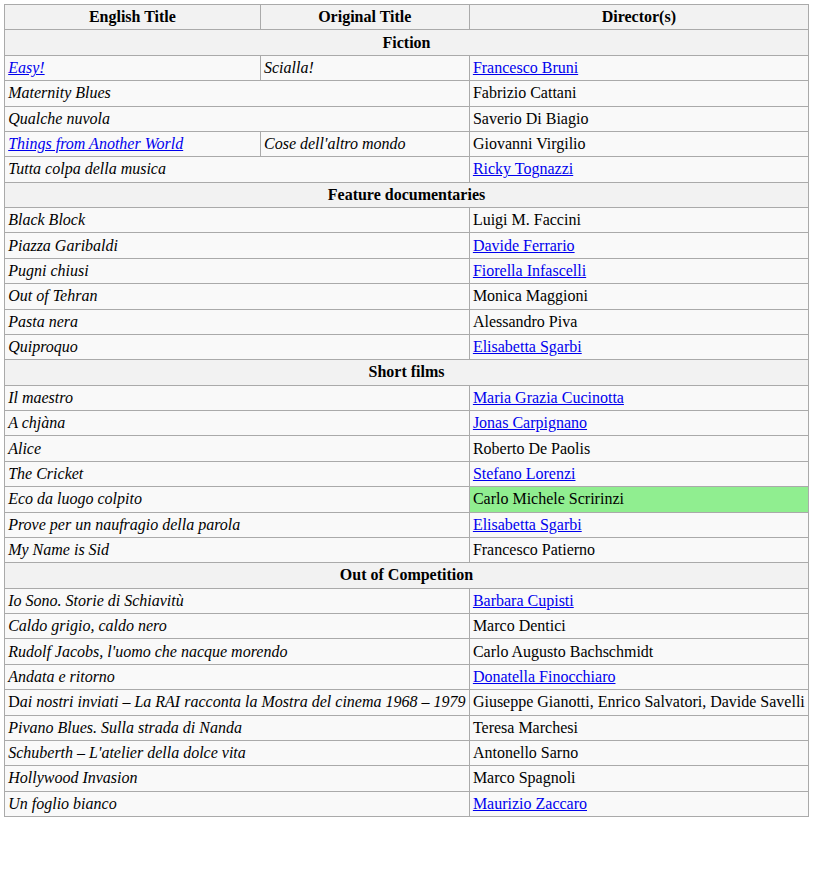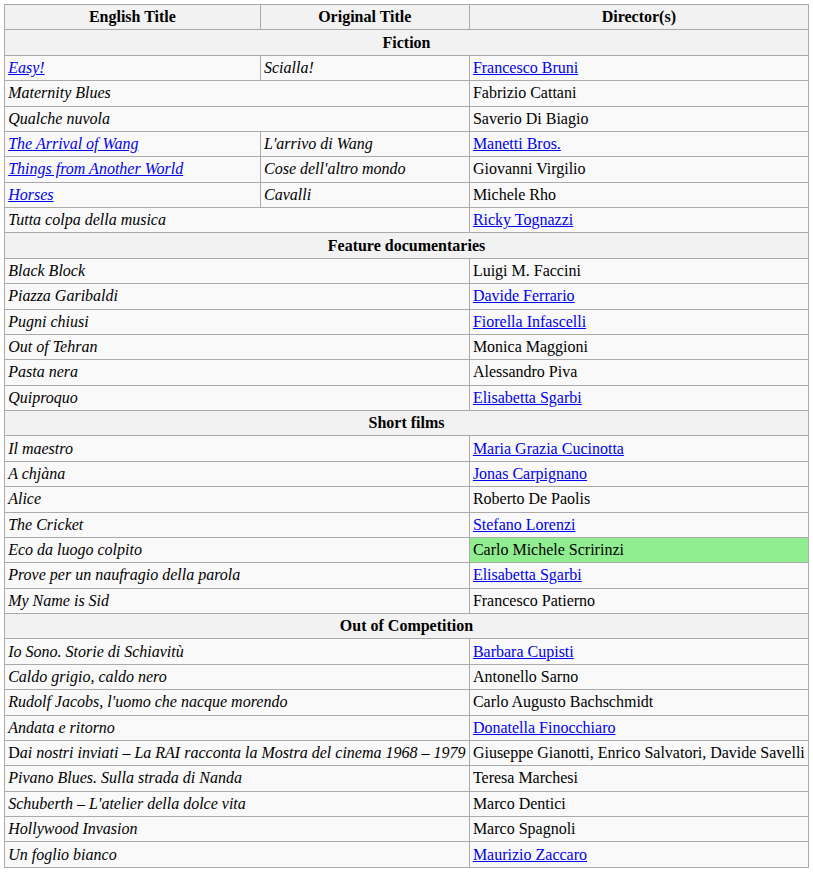 <table class="wikitable" style="display:inline-block; margin-right:3%; margin-top:0px; margin-bottom:0px; border:none">
 <tr>
 <th>English Title</th>
 <th>Original Title</th>
 <th>Director(s)</th>
 </tr>
 <tr>
 <th colspan="3">Fiction</th>
 </tr>
 <tr>
 <td><em><a href='#'>Easy!</a></em></td>
 <td><em>Scialla!</em></td>
 <td><a href='#'>Francesco Bruni</a></td>
 </tr>
 <tr>
 <td colspan="2"><em>Maternity Blues</em></td>
 <td>Fabrizio Cattani</td>
 </tr>
 <tr>
 <td colspan="2"><em>Qualche nuvola</em></td>
 <td>Saverio Di Biagio</td>
 </tr>
 <tr>
+<td><em><a href='#'>The Arrival of Wang</a></em></td>
+<td><em>L'arrivo di Wang</em></td>
+<td><a href='#'>Manetti Bros.</a></td>
+</tr>
+<tr>
 <td><em><a href='#'>Things from Another World</a></em></td>
 <td><em>Cose dell'altro mondo</em></td>
 <td>Giovanni Virgilio</td>
+</tr>
+<tr>
+<td><em><a href='#'>Horses</a></em></td>
+<td><em>Cavalli</em></td>
+<td>Michele Rho</td>
 </tr>
 <tr>
 <td colspan="2"><em>Tutta colpa della musica</em></td>
 <td><a href='#'>Ricky Tognazzi</a></td>
 </tr>
 <tr>
 <th colspan="3">Feature documentaries</th>
 </tr>
 <tr>
 <td colspan="2"><em>Black Block</em></td>
 <td>Luigi M. Faccini</td>
 </tr>
 <tr>
 <td colspan="2"><em>Piazza Garibaldi</em></td>
 <td><a href='#'>Davide Ferrario</a></td>
 </tr>
 <tr>
 <td colspan="2"><em>Pugni chiusi</em></td>
 <td><a href='#'>Fiorella Infascelli</a></td>
 </tr>
 <tr>
 <td colspan="2"><em>Out of Tehran</em></td>
 <td>Monica Maggioni</td>
 </tr>
 <tr>
 <td colspan="2"><em>Pasta nera</em></td>
 <td>Alessandro Piva</td>
 </tr>
 <tr>
 <td colspan="2"><em>Quiproquo</em></td>
 <td><a href='#'>Elisabetta Sgarbi</a></td>
 </tr>
 <tr>
 <th colspan="3">Short films</th>
 </tr>
 <tr>
 <td colspan="2"><em>Il maestro</em></td>
 <td><a href='#'>Maria Grazia Cucinotta</a> </td>
 </tr>
 <tr>
 <td colspan="2"><em>A chjàna</em></td>
 <td><a href='#'>Jonas Carpignano</a></td>
 </tr>
 <tr>
 <td colspan="2"><em>Alice</em></td>
 <td>Roberto De Paolis</td>
 </tr>
 <tr>
 <td colspan="2"><em>The Cricket</em></td>
 <td><a href='#'>Stefano Lorenzi</a></td>
 </tr>
 <tr>
 <td colspan="2"><em>Eco da luogo colpito</em></td>
 <td style="background: lightgreen;">Carlo Michele Scririnzi</td>
 </tr>
 <tr>
 <td colspan="2"><em>Prove per un naufragio della parola</em></td>
 <td><a href='#'>Elisabetta Sgarbi</a></td>
 </tr>
 <tr>
 <td colspan="2"><em>My Name is Sid</em></td>
 <td>Francesco Patierno</td>
 </tr>
 <tr>
 <th colspan="3">Out of Competition</th>
 </tr>
 <tr>
 <td colspan="2"><em>Io Sono. Storie di Schiavitù</em></td>
 <td><a href='#'>Barbara Cupisti</a></td>
 </tr>
 <tr>
 <td colspan="2"><em>Caldo grigio, caldo nero</em></td>
-<td>Marco Dentici</td>
+<td>Antonello Sarno</td>
 </tr>
 <tr>
 <td colspan="2"><em>Rudolf Jacobs, l'uomo che nacque morendo</em></td>
 <td>Carlo Augusto Bachschmidt</td>
 </tr>
 <tr>
 <td colspan="2"><em>Andata e ritorno</em></td>
 <td><a href='#'>Donatella Finocchiaro</a></td>
 </tr>
 <tr>
 <td colspan="2">D<em>ai nostri inviati – La RAI racconta la Mostra del cinema 1968 – 1979</em></td>
 <td>Giuseppe Gianotti, Enrico Salvatori, Davide Savelli</td>
 </tr>
 <tr>
 <td colspan="2"><em>Pivano Blues. Sulla strada di Nanda</em></td>
 <td>Teresa Marchesi</td>
 </tr>
 <tr>
 <td colspan="2"><em>Schuberth – L'atelier della dolce vita</em></td>
-<td>Antonello Sarno</td>
+<td>Marco Dentici</td>
 </tr>
 <tr>
 <td colspan="2"><em>Hollywood Invasion</em></td>
 <td>Marco Spagnoli</td>
 </tr>
 <tr>
 <td colspan="2"><em>Un foglio bianco</em></td>
 <td><a href='#'>Maurizio Zaccaro</a></td>
 </tr>
 </table>
